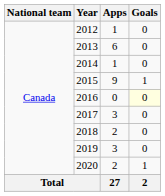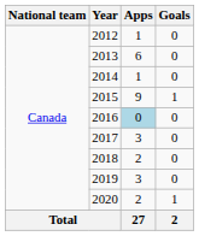 <table class="wikitable" style="text-align:center">
 <tr>
 <th>National team</th>
 <th>Year</th>
 <th>Apps</th>
 <th>Goals</th>
 </tr>
 <tr>
 <td rowspan="9"><a href='#'>Canada</a></td>
 <td>2012</td>
 <td>1</td>
 <td>0</td>
 </tr>
 <tr>
 <td>2013</td>
 <td>6</td>
 <td>0</td>
 </tr>
 <tr>
 <td>2014</td>
 <td>1</td>
 <td>0</td>
 </tr>
 <tr>
 <td>2015</td>
 <td>9</td>
 <td>1</td>
 </tr>
 <tr>
 <td>2016</td>
+<td style="background: lightblue;">0</td>
 <td>0</td>
-<td style="background: lightyellow;">0</td>
 </tr>
 <tr>
 <td>2017</td>
 <td>3</td>
 <td>0</td>
 </tr>
 <tr>
 <td>2018</td>
 <td>2</td>
 <td>0</td>
 </tr>
 <tr>
 <td>2019</td>
 <td>3</td>
 <td>0</td>
 </tr>
 <tr>
 <td>2020</td>
 <td>2</td>
 <td>1</td>
 </tr>
 <tr>
 <th colspan="2">Total</th>
 <th>27</th>
 <th>2</th>
 </tr>
 </table>
